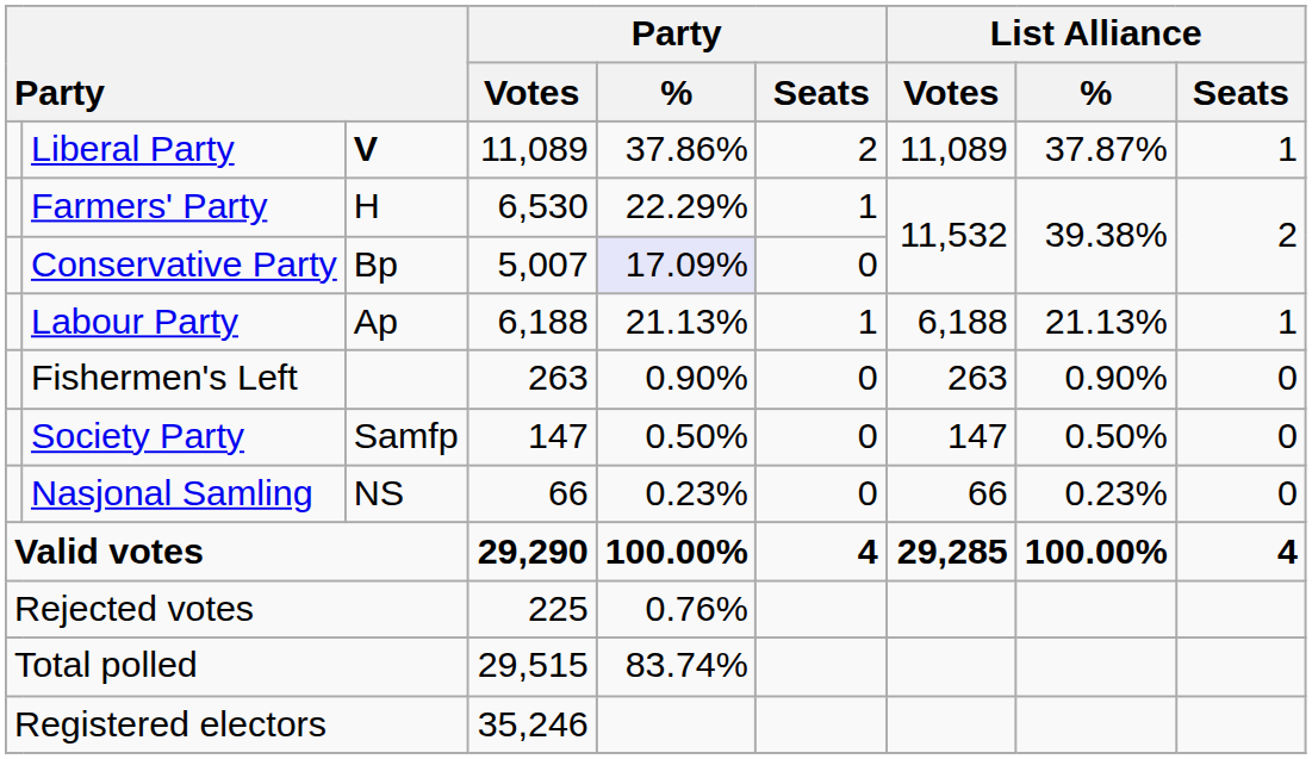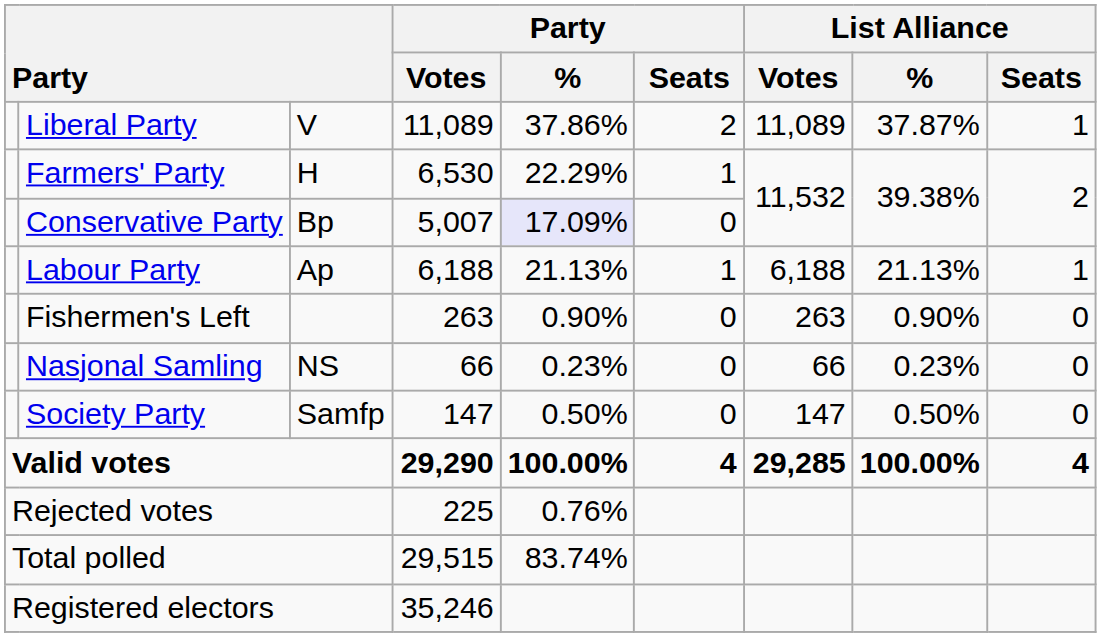 <table class="wikitable" border="1" style="text-align:right;">
 <tr>
 <th style="text-align:left;" valign=bottom rowspan=2 colspan=3>Party</th>
 <th colspan=3>Party</th>
 <th colspan=3>List Alliance</th>
 </tr>
 <tr>
 <th align=center valign=bottom width="50">Votes</th>
 <th align=center valign=bottom width="50">%</th>
 <th align=center valign=bottom width="50">Seats</th>
 <th align=center valign=bottom width="50">Votes</th>
 <th align=center valign=bottom width="50">%</th>
 <th align=center valign=bottom width="50">Seats</th>
 </tr>
 <tr>
 <td style="color:inherit;background:"></td>
 <td align=left><a href='#'>Liberal Party</a></td>
-<td align=left><strong>V</strong></td>
+<td align=left>V</td>
 <td>11,089</td>
 <td>37.86%</td>
 <td>2</td>
 <td>11,089</td>
 <td>37.87%</td>
 <td>1</td>
 </tr>
 <tr>
 <td style="color:inherit;background:"></td>
 <td align=left><a href='#'>Farmers' Party</a></td>
 <td align=left>H</td>
 <td>6,530</td>
 <td>22.29%</td>
 <td>1</td>
 <td rowspan=2>11,532</td>
 <td rowspan=2>39.38%</td>
 <td rowspan=2>2</td>
 </tr>
 <tr>
 <td style="color:inherit;background:"></td>
 <td align=left><a href='#'>Conservative Party</a></td>
 <td align=left>Bp</td>
 <td>5,007</td>
 <td style="background: lavender;">17.09%</td>
 <td>0</td>
 </tr>
 <tr>
 <td style="color:inherit;background:"></td>
 <td align=left><a href='#'>Labour Party</a></td>
 <td align=left>Ap</td>
 <td>6,188</td>
 <td>21.13%</td>
 <td>1</td>
 <td>6,188</td>
 <td>21.13%</td>
 <td>1</td>
 </tr>
 <tr>
 <td></td>
 <td align=left>Fishermen's Left</td>
 <td align=left></td>
 <td>263</td>
 <td>0.90%</td>
 <td>0</td>
 <td>263</td>
 <td>0.90%</td>
 <td>0</td>
 </tr>
 <tr>
+<td style="color:inherit;background:"></td>
+<td align=left><a href='#'>Nasjonal Samling</a></td>
+<td align=left>NS</td>
+<td>66</td>
+<td>0.23%</td>
+<td>0</td>
+<td>66</td>
+<td>0.23%</td>
+<td>0</td>
+</tr>
+<tr>
 <td></td>
 <td align=left><a href='#'>Society Party</a></td>
 <td align=left>Samfp</td>
 <td>147</td>
 <td>0.50%</td>
 <td>0</td>
 <td>147</td>
 <td>0.50%</td>
-<td>0</td>
-</tr>
-<tr>
-<td style="color:inherit;background:"></td>
-<td align=left><a href='#'>Nasjonal Samling</a></td>
-<td align=left>NS</td>
-<td>66</td>
-<td>0.23%</td>
-<td>0</td>
-<td>66</td>
-<td>0.23%</td>
 <td>0</td>
 </tr>
 <tr style="font-weight:bold">
 <td align=left colspan=3>Valid votes</td>
 <td>29,290</td>
 <td>100.00%</td>
 <td>4</td>
 <td>29,285</td>
 <td>100.00%</td>
 <td>4</td>
 </tr>
 <tr>
 <td align=left colspan=3>Rejected votes</td>
 <td>225</td>
 <td>0.76%</td>
 <td></td>
 <td></td>
 <td></td>
 <td></td>
 </tr>
 <tr>
 <td align=left colspan=3>Total polled</td>
 <td>29,515</td>
 <td>83.74%</td>
 <td></td>
 <td></td>
 <td></td>
 <td></td>
 </tr>
 <tr>
 <td align=left colspan=3>Registered electors</td>
 <td>35,246</td>
 <td></td>
 <td></td>
 <td></td>
 <td></td>
 <td></td>
 </tr>
 </table>
